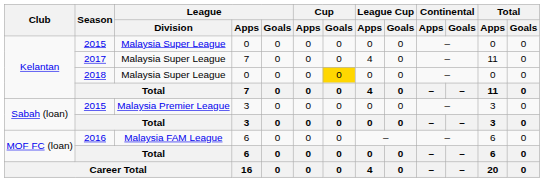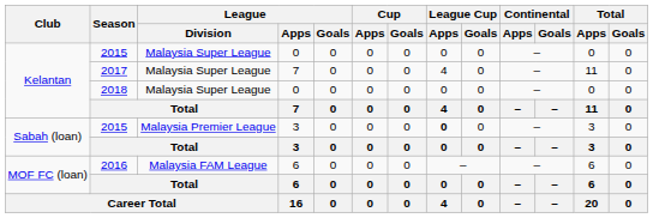 <table class=wikitable style="text-align:center">
 <tr>
 <th rowspan=2>Club</th>
 <th rowspan=2>Season</th>
 <th colspan=3>League</th>
 <th colspan=2>Cup</th>
 <th colspan=2>League Cup</th>
 <th colspan=2>Continental</th>
 <th colspan=2>Total</th>
 </tr>
 <tr>
 <th>Division</th>
 <th>Apps</th>
 <th>Goals</th>
 <th>Apps</th>
 <th>Goals</th>
 <th>Apps</th>
 <th>Goals</th>
 <th>Apps</th>
 <th>Goals</th>
 <th>Apps</th>
 <th>Goals</th>
 </tr>
 <tr>
 <td rowspan="4"><a href='#'>Kelantan</a></td>
 <td><a href='#'>2015</a></td>
 <td><a href='#'>Malaysia Super League</a></td>
 <td>0</td>
 <td>0</td>
 <td>0</td>
 <td>0</td>
 <td>0</td>
 <td>0</td>
 <td colspan="2">–</td>
 <td>0</td>
 <td>0</td>
 </tr>
 <tr>
 <td><a href='#'>2017</a></td>
 <td>Malaysia Super League</td>
 <td>7</td>
 <td>0</td>
 <td>0</td>
 <td>0</td>
 <td>4</td>
 <td>0</td>
 <td colspan="2">–</td>
 <td>11</td>
 <td>0</td>
 </tr>
 <tr>
 <td><a href='#'>2018</a></td>
 <td>Malaysia Super League</td>
 <td>0</td>
 <td>0</td>
 <td>0</td>
-<td style="background: gold;">0</td>
+<td>0</td>
 <td>0</td>
 <td>0</td>
 <td colspan="2">–</td>
 <td>0</td>
 <td>0</td>
 </tr>
 <tr>
 <th colspan="2">Total</th>
 <th>7</th>
 <th>0</th>
 <th>0</th>
 <th>0</th>
 <th>4</th>
 <th>0</th>
 <th>–</th>
 <th>–</th>
 <th>11</th>
 <th>0</th>
 </tr>
 <tr>
 <td rowspan="2"><a href='#'>Sabah</a> (loan)</td>
 <td><a href='#'>2015</a></td>
 <td><a href='#'>Malaysia Premier League</a></td>
 <td>3</td>
 <td>0</td>
 <td>0</td>
 <td>0</td>
-<td>0</td>
+<td><strong>0</strong></td>
 <td>0</td>
 <td colspan="2">–</td>
 <td>3</td>
 <td>0</td>
 </tr>
 <tr>
 <th colspan="2">Total</th>
 <th>3</th>
 <th>0</th>
 <th>0</th>
 <th>0</th>
 <th>0</th>
 <th>0</th>
 <th>–</th>
 <th>–</th>
 <th>3</th>
 <th>0</th>
 </tr>
 <tr>
 <td rowspan="2"><a href='#'>MOF FC</a> (loan)</td>
 <td><a href='#'>2016</a></td>
 <td><a href='#'>Malaysia FAM League</a></td>
 <td>6</td>
 <td>0</td>
 <td>0</td>
 <td>0</td>
 <td colspan="2">–</td>
 <td colspan="2">–</td>
 <td>6</td>
 <td>0</td>
 </tr>
 <tr>
 <th colspan="2">Total</th>
 <th>6</th>
 <th>0</th>
 <th>0</th>
 <th>0</th>
 <th>0</th>
 <th>0</th>
 <th>–</th>
 <th>–</th>
 <th>6</th>
 <th>0</th>
 </tr>
 <tr>
 <th colspan="3">Career Total</th>
 <th>16</th>
 <th>0</th>
 <th>0</th>
 <th>0</th>
 <th>4</th>
 <th>0</th>
 <th>–</th>
 <th>–</th>
 <th>20</th>
 <th>0</th>
 </tr>
 </table>
